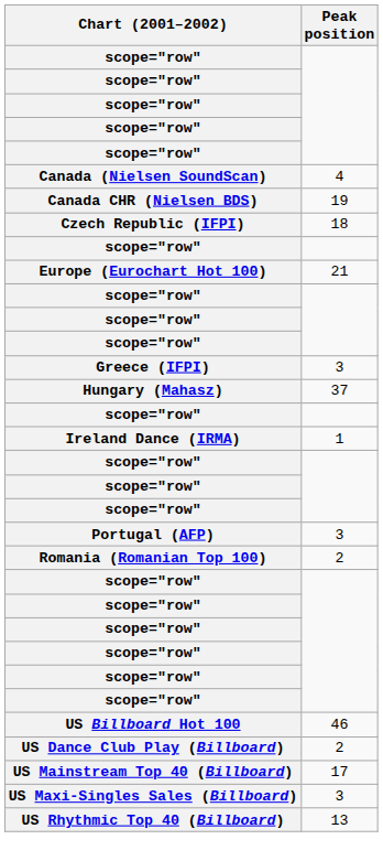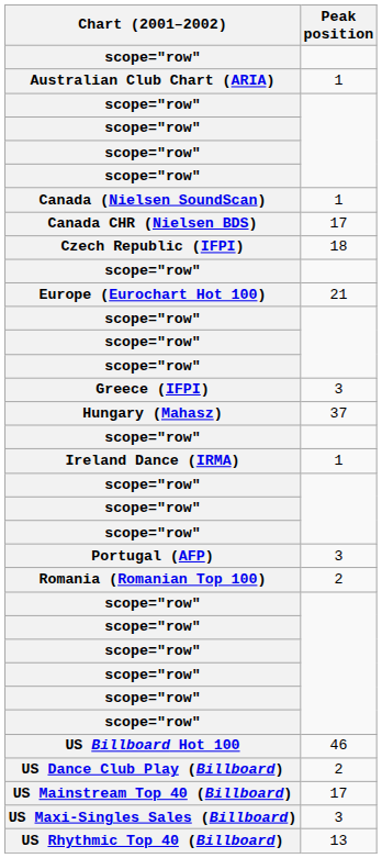 <table class="wikitable plainrowheaders sortable" style="text-align:center">
 <tr>
 <th scope="col">Chart (2001–2002)</th>
 <th scope="col">Peak<br>position</th>
 </tr>
 <tr>
 <th>scope="row"</th>
+</tr>
+<tr>
+<th scope="row">Australian Club Chart (<a href='#'>ARIA</a>)</th>
+<td>1</td>
 </tr>
 <tr>
 <th>scope="row"</th>
 </tr>
 <tr>
 <th>scope="row"</th>
 </tr>
 <tr>
 <th>scope="row"</th>
 </tr>
 <tr>
 <th>scope="row"</th>
 </tr>
 <tr>
 <th scope="row">Canada (<a href='#'>Nielsen SoundScan</a>)</th>
-<td>4</td>
+<td>1</td>
 </tr>
 <tr>
 <th scope="row">Canada CHR (<a href='#'>Nielsen BDS</a>)</th>
-<td style="text-align:center">19</td>
+<td style="text-align:center">17</td>
 </tr>
 <tr>
 <th scope="row">Czech Republic (<a href='#'>IFPI</a>)</th>
 <td>18</td>
 </tr>
 <tr>
 <th>scope="row"</th>
 </tr>
 <tr>
 <th scope="row">Europe (<a href='#'>Eurochart Hot 100</a>)</th>
 <td>21</td>
 </tr>
 <tr>
 <th>scope="row"</th>
 </tr>
 <tr>
 <th>scope="row"</th>
 </tr>
 <tr>
 <th>scope="row"</th>
 </tr>
 <tr>
 <th scope="row">Greece (<a href='#'>IFPI</a>)</th>
 <td>3</td>
 </tr>
 <tr>
 <th scope="row">Hungary (<a href='#'>Mahasz</a>)</th>
 <td>37</td>
 </tr>
 <tr>
 <th>scope="row"</th>
 </tr>
 <tr>
 <th scope="row">Ireland Dance (<a href='#'>IRMA</a>)</th>
 <td>1</td>
 </tr>
 <tr>
 <th>scope="row"</th>
 </tr>
 <tr>
 <th>scope="row"</th>
 </tr>
 <tr>
 <th>scope="row"</th>
 </tr>
 <tr>
 <th scope="row">Portugal (<a href='#'>AFP</a>)</th>
 <td>3</td>
 </tr>
 <tr>
 <th scope="row">Romania (<a href='#'>Romanian Top 100</a>)</th>
 <td>2</td>
 </tr>
 <tr>
 <th>scope="row"</th>
 </tr>
 <tr>
 <th>scope="row"</th>
 </tr>
 <tr>
 <th>scope="row"</th>
 </tr>
 <tr>
 <th>scope="row"</th>
 </tr>
 <tr>
 <th>scope="row"</th>
 </tr>
 <tr>
 <th>scope="row"</th>
 </tr>
 <tr>
 <th scope="row">US <a href='#'><em>Billboard</em> Hot 100</a></th>
 <td>46</td>
 </tr>
 <tr>
 <th scope="row">US <a href='#'>Dance Club Play</a> (<em><a href='#'>Billboard</a></em>)</th>
 <td>2</td>
 </tr>
 <tr>
 <th scope="row">US <a href='#'>Mainstream Top 40</a> (<em><a href='#'>Billboard</a></em>)</th>
 <td>17</td>
 </tr>
 <tr>
 <th scope="row">US <a href='#'>Maxi-Singles Sales</a> (<em><a href='#'>Billboard</a></em>)</th>
 <td>3</td>
 </tr>
 <tr>
 <th scope="row">US <a href='#'>Rhythmic Top 40</a> (<em><a href='#'>Billboard</a></em>)</th>
 <td>13</td>
 </tr>
 </table>
